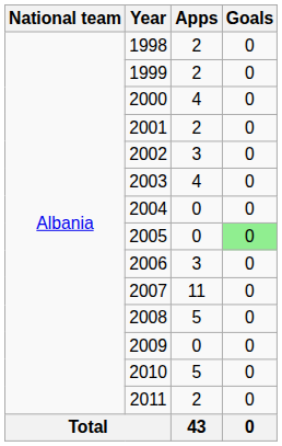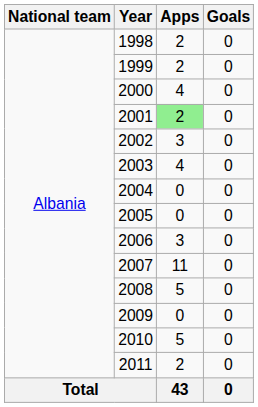 <table class=wikitable style="text-align: center;">
 <tr>
 <th>National team</th>
 <th>Year</th>
 <th>Apps</th>
 <th>Goals</th>
 </tr>
 <tr>
 <td rowspan=14><a href='#'>Albania</a></td>
 <td>1998</td>
 <td>2</td>
 <td>0</td>
 </tr>
 <tr>
 <td>1999</td>
 <td>2</td>
 <td>0</td>
 </tr>
 <tr>
 <td>2000</td>
 <td>4</td>
 <td>0</td>
 </tr>
 <tr>
 <td>2001</td>
-<td>2</td>
+<td style="background: lightgreen;">2</td>
 <td>0</td>
 </tr>
 <tr>
 <td>2002</td>
 <td>3</td>
 <td>0</td>
 </tr>
 <tr>
 <td>2003</td>
 <td>4</td>
 <td>0</td>
 </tr>
 <tr>
 <td>2004</td>
 <td>0</td>
 <td>0</td>
 </tr>
 <tr>
 <td>2005</td>
 <td>0</td>
-<td style="background: lightgreen;">0</td>
+<td>0</td>
 </tr>
 <tr>
 <td>2006</td>
 <td>3</td>
 <td>0</td>
 </tr>
 <tr>
 <td>2007</td>
 <td>11</td>
 <td>0</td>
 </tr>
 <tr>
 <td>2008</td>
 <td>5</td>
 <td>0</td>
 </tr>
 <tr>
 <td>2009</td>
 <td>0</td>
 <td>0</td>
 </tr>
 <tr>
 <td>2010</td>
 <td>5</td>
 <td>0</td>
 </tr>
 <tr>
 <td>2011</td>
 <td>2</td>
 <td>0</td>
 </tr>
 <tr>
 <th colspan=2>Total</th>
 <th>43</th>
 <th>0</th>
 </tr>
 </table>
